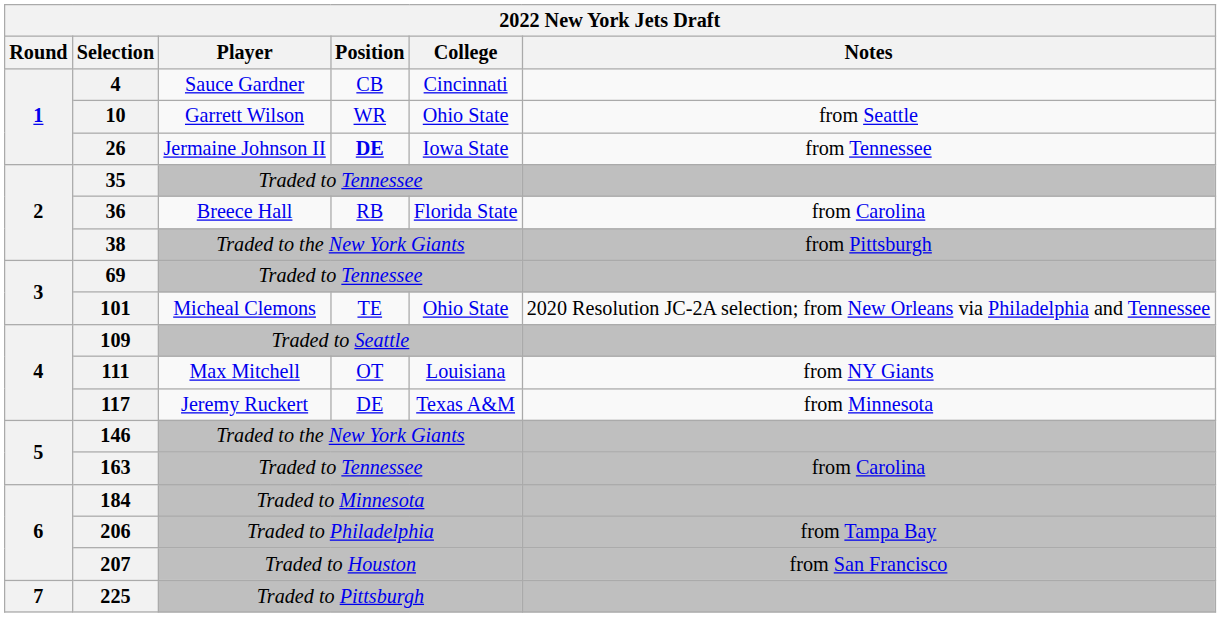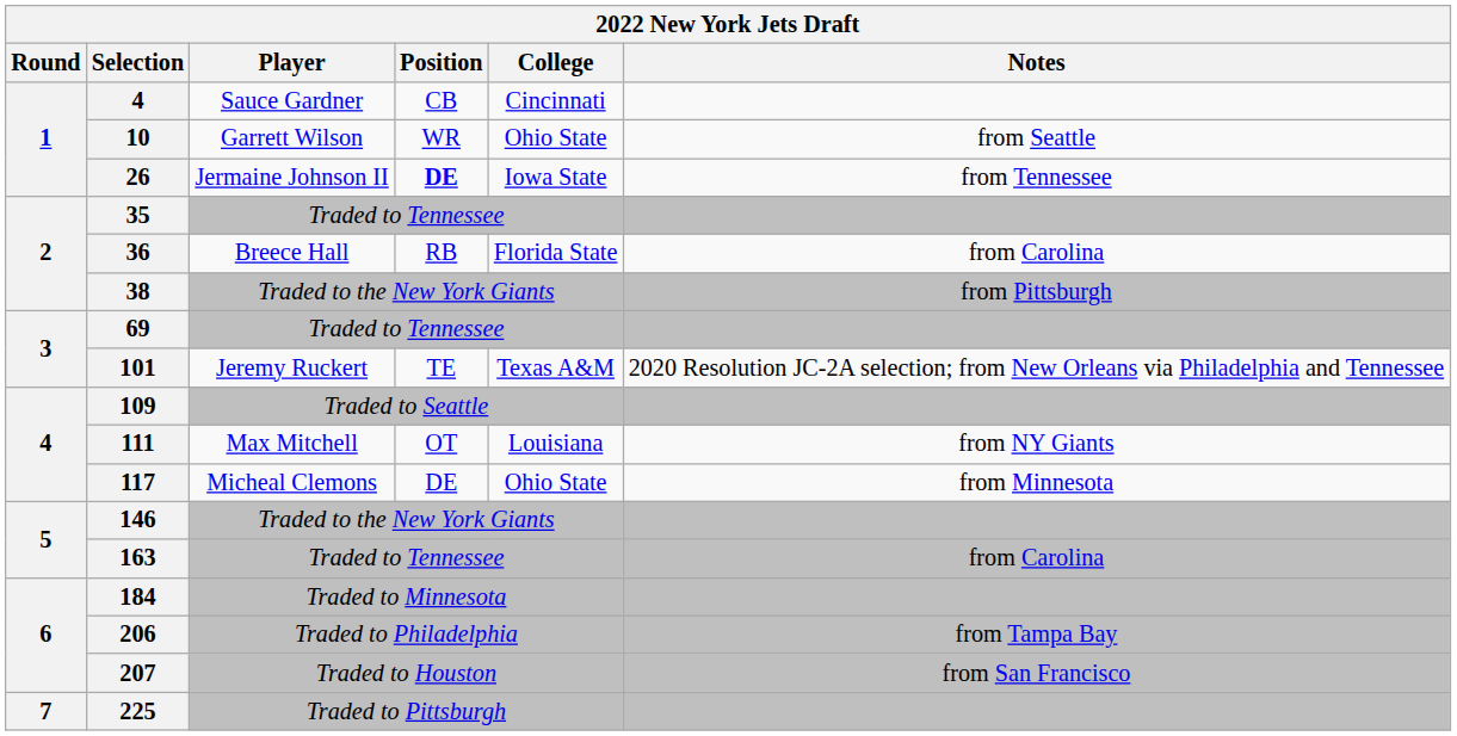 <table class="wikitable" style="text-align:center">
 <tr>
 <th colspan=6>2022 New York Jets Draft</th>
 </tr>
 <tr>
 <th>Round</th>
 <th>Selection</th>
 <th>Player</th>
 <th>Position</th>
 <th>College</th>
 <th>Notes</th>
 </tr>
 <tr>
 <th rowspan="3"><a href='#'>1</a></th>
 <th>4</th>
 <td><a href='#'>Sauce Gardner</a></td>
 <td><a href='#'>CB</a></td>
 <td><a href='#'>Cincinnati</a></td>
 <td></td>
 </tr>
 <tr>
 <th>10</th>
 <td><a href='#'>Garrett Wilson</a></td>
 <td><a href='#'>WR</a></td>
 <td><a href='#'>Ohio State</a></td>
 <td>from <a href='#'>Seattle</a></td>
 </tr>
 <tr>
 <th>26</th>
 <td><a href='#'>Jermaine Johnson II</a></td>
 <td><strong><a href='#'>DE</a></strong></td>
 <td><a href='#'>Iowa State</a></td>
 <td>from <a href='#'>Tennessee</a></td>
 </tr>
 <tr>
 <th rowspan="3">2</th>
 <th>35</th>
 <td colspan="3" style="background:#BFBFBF"><em>Traded to <a href='#'>Tennessee</a></em></td>
 <td style="background:#BFBFBF"></td>
 </tr>
 <tr>
 <th>36</th>
 <td><a href='#'>Breece Hall</a></td>
 <td><a href='#'>RB</a></td>
 <td><a href='#'>Florida State</a></td>
 <td>from <a href='#'>Carolina</a></td>
 </tr>
 <tr>
 <th>38</th>
 <td colspan="3" style="background:#BFBFBF"><em>Traded to the <a href='#'>New York Giants</a></em></td>
 <td style="background:#BFBFBF">from <a href='#'>Pittsburgh</a></td>
 </tr>
 <tr>
 <th rowspan="2">3</th>
 <th>69</th>
 <td colspan="3" style="background:#BFBFBF"><em>Traded to <a href='#'>Tennessee</a></em></td>
 <td style="background:#BFBFBF"></td>
 </tr>
 <tr>
 <th>101</th>
-<td><a href='#'>Micheal Clemons</a></td>
+<td><a href='#'>Jeremy Ruckert</a></td>
 <td><a href='#'>TE</a></td>
-<td><a href='#'>Ohio State</a></td>
+<td><a href='#'>Texas A&M</a></td>
 <td>2020 Resolution JC-2A selection; from <a href='#'>New Orleans</a> via <a href='#'>Philadelphia</a> and <a href='#'>Tennessee</a></td>
 </tr>
 <tr>
 <th rowspan="3">4</th>
 <th>109</th>
 <td colspan="3" style="background:#BFBFBF"><em>Traded to <a href='#'>Seattle</a></em></td>
 <td style="background:#BFBFBF"></td>
 </tr>
 <tr>
 <th>111</th>
 <td><a href='#'>Max Mitchell</a></td>
 <td><a href='#'>OT</a></td>
 <td><a href='#'>Louisiana</a></td>
 <td>from <a href='#'>NY Giants</a></td>
 </tr>
 <tr>
 <th>117</th>
-<td><a href='#'>Jeremy Ruckert</a></td>
+<td><a href='#'>Micheal Clemons</a></td>
 <td><a href='#'>DE</a></td>
-<td><a href='#'>Texas A&M</a></td>
+<td><a href='#'>Ohio State</a></td>
 <td>from <a href='#'>Minnesota</a></td>
 </tr>
 <tr>
 <th rowspan="2">5</th>
 <th>146</th>
 <td colspan="3" style="background:#BFBFBF"><em>Traded to the <a href='#'>New York Giants</a></em></td>
 <td style="background:#BFBFBF"></td>
 </tr>
 <tr>
 <th>163</th>
 <td colspan="3" style="background:#BFBFBF"><em>Traded to <a href='#'>Tennessee</a></em></td>
 <td style="background:#BFBFBF">from <a href='#'>Carolina</a></td>
 </tr>
 <tr>
 <th rowspan="3">6</th>
 <th>184</th>
 <td colspan="3" style="background:#BFBFBF"><em>Traded to <a href='#'>Minnesota</a></em></td>
 <td style="background:#BFBFBF"></td>
 </tr>
 <tr>
 <th>206</th>
 <td colspan="3" style="background:#BFBFBF"><em>Traded to <a href='#'>Philadelphia</a></em></td>
 <td style="background:#BFBFBF">from <a href='#'>Tampa Bay</a></td>
 </tr>
 <tr>
 <th>207</th>
 <td colspan="3" style="background:#BFBFBF"><em>Traded to <a href='#'>Houston</a></em></td>
 <td style="background:#BFBFBF">from <a href='#'>San Francisco</a></td>
 </tr>
 <tr>
 <th>7</th>
 <th>225</th>
 <td colspan="3" style="background:#BFBFBF"><em>Traded to <a href='#'>Pittsburgh</a></em></td>
 <td style="background:#BFBFBF"></td>
 </tr>
 </table>
